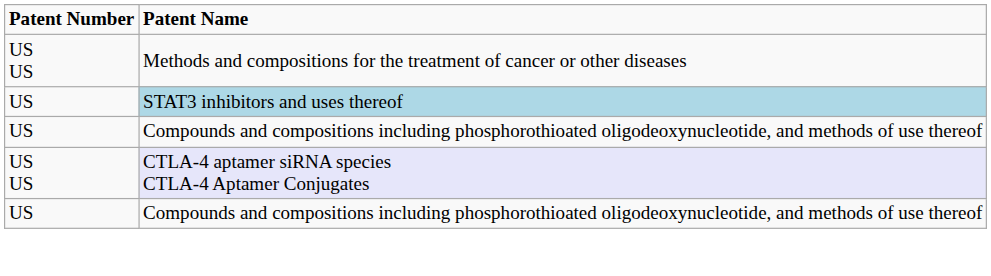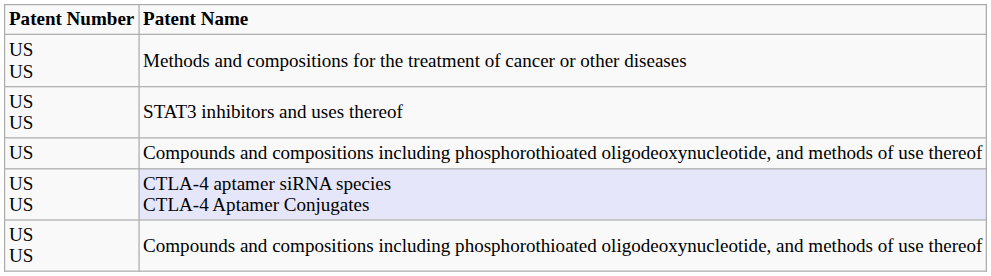 <table class="wikitable">
 <tr>
 <td><strong>Patent Number</strong></td>
 <td><strong>Patent Name</strong></td>
 </tr>
 <tr>
 <td>US <br>US </td>
 <td>Methods and compositions for the treatment of cancer or other diseases</td>
 </tr>
 <tr>
-<td>US </td>
-<td style="background: lightblue;">STAT3 inhibitors and uses thereof</td>
+<td>US <br>US </td>
+<td>STAT3 inhibitors and uses thereof</td>
 </tr>
 <tr>
 <td>US </td>
 <td>Compounds and compositions including phosphorothioated oligodeoxynucleotide, and methods of use thereof</td>
 </tr>
 <tr>
 <td>US <br>US </td>
 <td style="background: lavender;">CTLA-4 aptamer siRNA species<br>CTLA-4 Aptamer Conjugates</td>
 </tr>
 <tr>
-<td>US </td>
+<td>US <br>US </td>
 <td>Compounds and compositions including phosphorothioated oligodeoxynucleotide, and methods of use thereof</td>
 </tr>
 </table>
